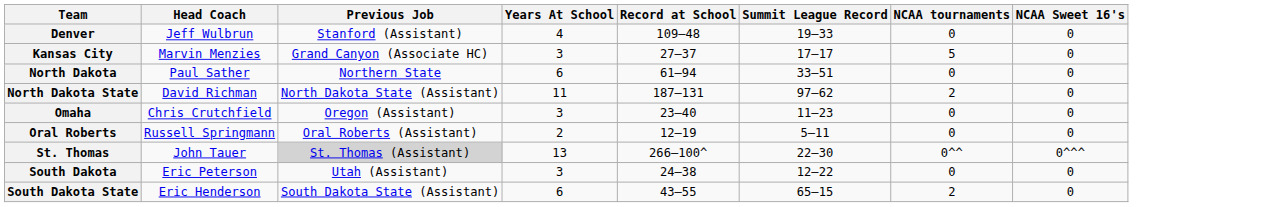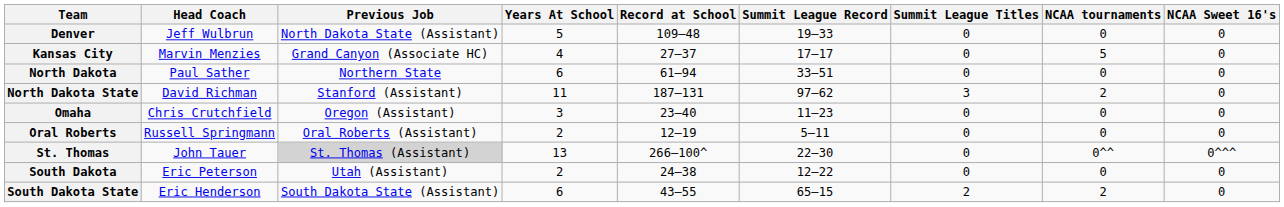 <table class="wikitable sortable" style="text-align:center">
 <tr>
 <th>Team</th>
 <th>Head Coach</th>
 <th>Previous Job</th>
 <th>Years At School</th>
 <th>Record at School</th>
 <th>Summit League Record</th>
+<th>Summit League Titles</th>
 <th>NCAA tournaments</th>
 <th>NCAA Sweet 16's</th>
 </tr>
 <tr>
 <th>Denver</th>
 <td><a href='#'>Jeff Wulbrun</a></td>
-<td><a href='#'>Stanford</a> (Assistant)</td>
-<td>4</td>
+<td><a href='#'>North Dakota State</a> (Assistant)</td>
+<td>5</td>
 <td>109–48</td>
 <td>19–33</td>
+<td>0</td>
 <td>0</td>
 <td>0</td>
 </tr>
 <tr>
 <th>Kansas City</th>
 <td><a href='#'>Marvin Menzies</a></td>
 <td><a href='#'>Grand Canyon</a> (Associate HC)</td>
-<td>3</td>
+<td>4</td>
 <td>27–37</td>
 <td>17–17</td>
+<td>0</td>
 <td>5</td>
 <td>0</td>
 </tr>
 <tr>
 <th>North Dakota</th>
 <td><a href='#'>Paul Sather</a></td>
 <td><a href='#'>Northern State</a></td>
 <td>6</td>
 <td>61–94</td>
 <td>33–51</td>
 <td>0</td>
 <td>0</td>
+<td>0</td>
 </tr>
 <tr>
 <th>North Dakota State</th>
 <td><a href='#'>David Richman</a></td>
-<td><a href='#'>North Dakota State</a> (Assistant)</td>
+<td><a href='#'>Stanford</a> (Assistant)</td>
 <td>11</td>
 <td>187–131</td>
 <td>97–62</td>
+<td>3</td>
 <td>2</td>
 <td>0</td>
 </tr>
 <tr>
 <th>Omaha</th>
 <td><a href='#'>Chris Crutchfield</a></td>
 <td><a href='#'>Oregon</a> (Assistant)</td>
 <td>3</td>
 <td>23–40</td>
 <td>11–23</td>
 <td>0</td>
 <td>0</td>
+<td>0</td>
 </tr>
 <tr>
 <th>Oral Roberts</th>
 <td><a href='#'>Russell Springmann</a></td>
 <td><a href='#'>Oral Roberts</a> (Assistant)</td>
 <td>2</td>
 <td>12–19</td>
 <td>5–11</td>
 <td>0</td>
 <td>0</td>
+<td>0</td>
 </tr>
 <tr>
 <th>St. Thomas</th>
 <td><a href='#'>John Tauer</a></td>
 <td style="background: lightgrey;"><a href='#'>St. Thomas</a> (Assistant)</td>
 <td>13</td>
 <td>266–100^</td>
 <td>22–30</td>
+<td>0</td>
 <td>0^^</td>
 <td>0^^^</td>
 </tr>
 <tr>
 <th>South Dakota</th>
 <td><a href='#'>Eric Peterson</a></td>
 <td><a href='#'>Utah</a> (Assistant)</td>
-<td>3</td>
+<td>2</td>
 <td>24–38</td>
 <td>12–22</td>
+<td>0</td>
 <td>0</td>
 <td>0</td>
 </tr>
 <tr>
 <th>South Dakota State</th>
 <td><a href='#'>Eric Henderson</a></td>
 <td><a href='#'>South Dakota State</a> (Assistant)</td>
 <td>6</td>
 <td>43–55</td>
 <td>65–15</td>
 <td>2</td>
+<td>2</td>
 <td>0</td>
 </tr>
 </table>
